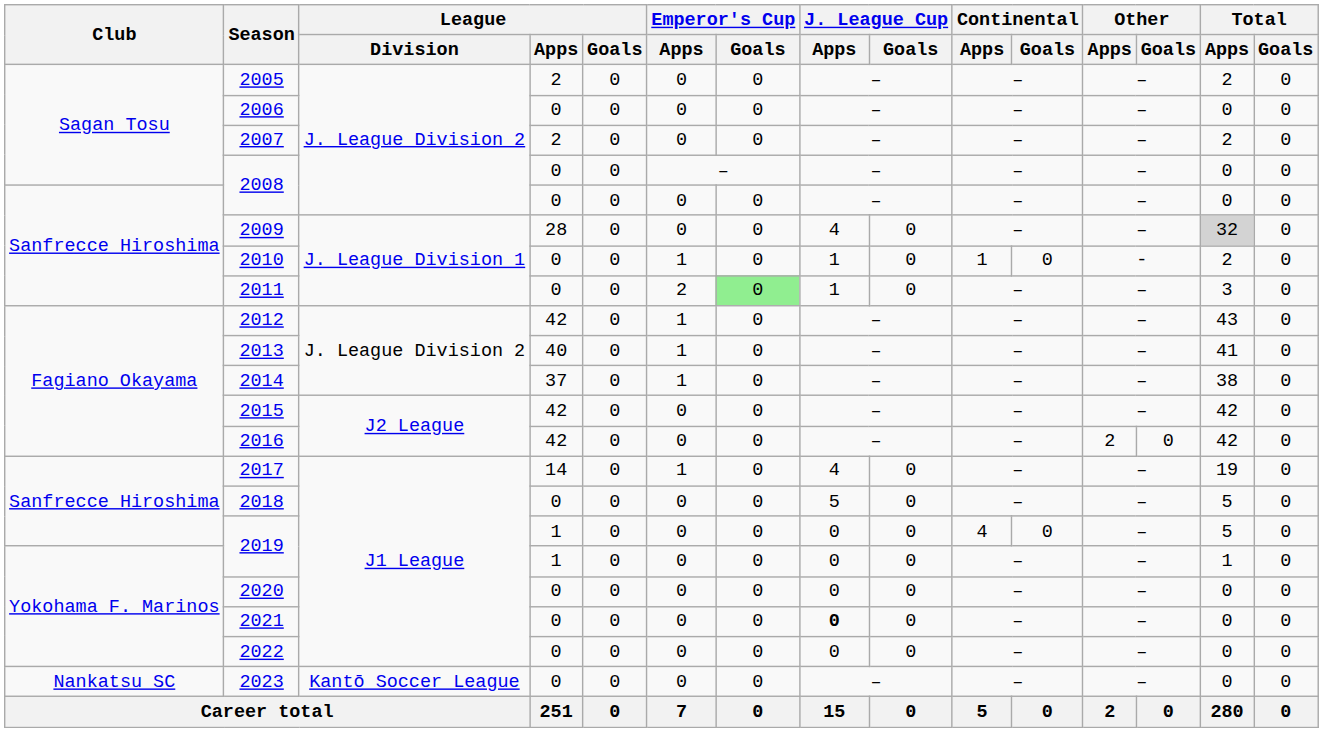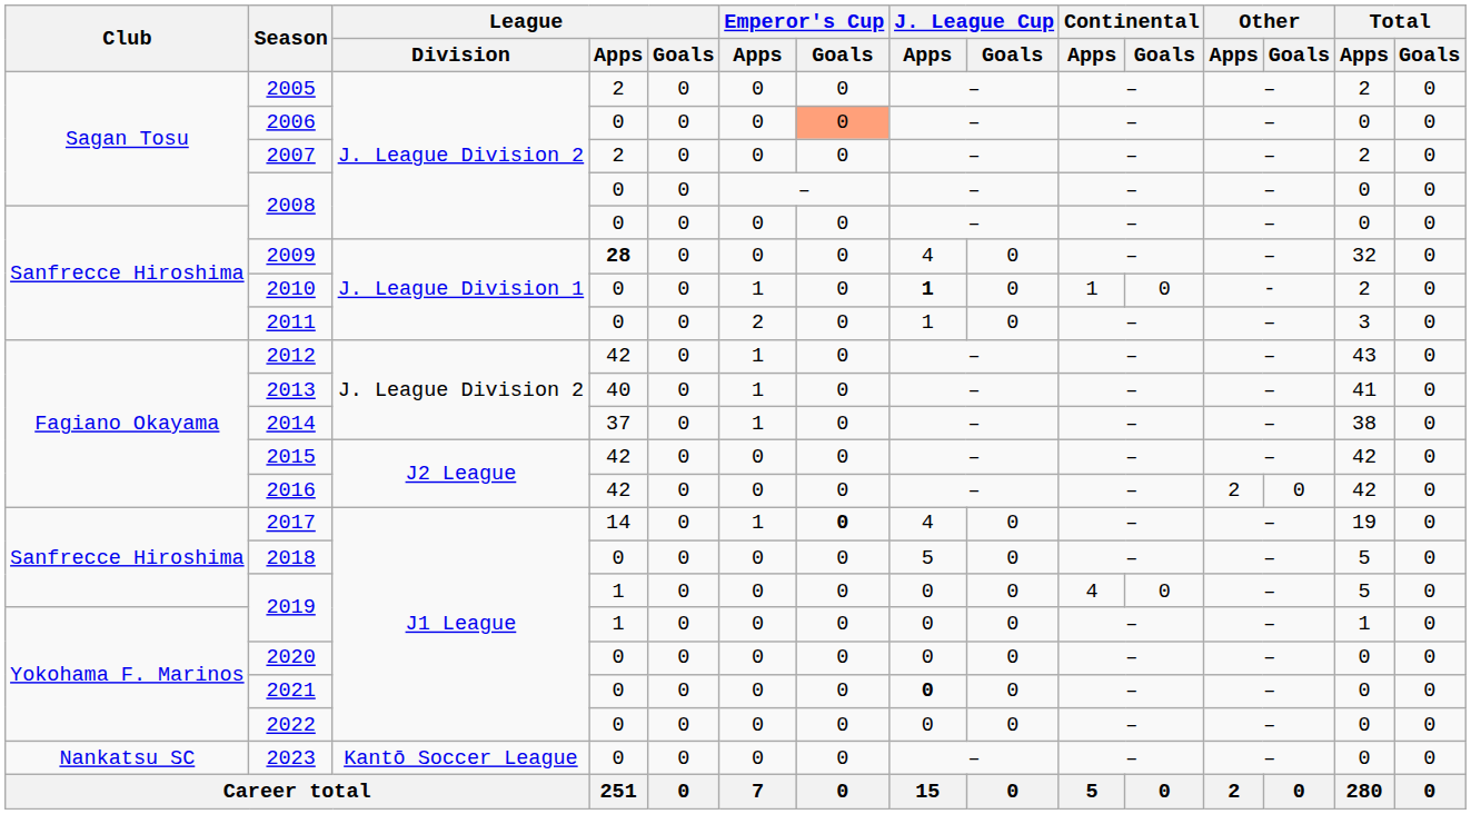 <table class="wikitable" style="text-align:center">
 <tr>
 <th rowspan="2">Club</th>
 <th rowspan="2">Season</th>
 <th colspan="3">League</th>
 <th colspan="2"><a href='#'>Emperor's Cup</a></th>
 <th colspan="2"><a href='#'>J. League Cup</a></th>
 <th colspan="2">Continental</th>
 <th colspan="2">Other</th>
 <th colspan="2">Total</th>
 </tr>
 <tr>
 <th>Division</th>
 <th>Apps</th>
 <th>Goals</th>
 <th>Apps</th>
 <th>Goals</th>
 <th>Apps</th>
 <th>Goals</th>
 <th>Apps</th>
 <th>Goals</th>
 <th>Apps</th>
 <th>Goals</th>
 <th>Apps</th>
 <th>Goals</th>
 </tr>
 <tr>
 <td rowspan="4"><a href='#'>Sagan Tosu</a></td>
 <td><a href='#'>2005</a></td>
 <td rowspan="5"><a href='#'>J. League Division 2</a></td>
 <td>2</td>
 <td>0</td>
 <td>0</td>
 <td>0</td>
 <td colspan="2">–</td>
 <td colspan="2">–</td>
 <td colspan="2">–</td>
 <td>2</td>
 <td>0</td>
 </tr>
 <tr>
 <td><a href='#'>2006</a></td>
 <td>0</td>
 <td>0</td>
 <td>0</td>
-<td>0</td>
+<td style="background: lightsalmon;">0</td>
 <td colspan="2">–</td>
 <td colspan="2">–</td>
 <td colspan="2">–</td>
 <td>0</td>
 <td>0</td>
 </tr>
 <tr>
 <td><a href='#'>2007</a></td>
 <td>2</td>
 <td>0</td>
 <td>0</td>
 <td>0</td>
 <td colspan="2">–</td>
 <td colspan="2">–</td>
 <td colspan="2">–</td>
 <td>2</td>
 <td>0</td>
 </tr>
 <tr>
 <td rowspan="2"><a href='#'>2008</a></td>
 <td>0</td>
 <td>0</td>
 <td colspan="2">–</td>
 <td colspan="2">–</td>
 <td colspan="2">–</td>
 <td colspan="2">–</td>
 <td>0</td>
 <td>0</td>
 </tr>
 <tr>
 <td rowspan="4"><a href='#'>Sanfrecce Hiroshima</a></td>
 <td>0</td>
 <td>0</td>
 <td>0</td>
 <td>0</td>
 <td colspan="2">–</td>
 <td colspan="2">–</td>
 <td colspan="2">–</td>
 <td>0</td>
 <td>0</td>
 </tr>
 <tr>
 <td><a href='#'>2009</a></td>
 <td rowspan="3"><a href='#'>J. League Division 1</a></td>
-<td>28</td>
+<td><strong>28</strong></td>
 <td>0</td>
 <td>0</td>
 <td>0</td>
 <td>4</td>
 <td>0</td>
 <td colspan="2">–</td>
 <td colspan="2">–</td>
-<td style="background: lightgrey;">32</td>
+<td>32</td>
 <td>0</td>
 </tr>
 <tr>
 <td><a href='#'>2010</a></td>
 <td>0</td>
 <td>0</td>
 <td>1</td>
 <td>0</td>
-<td>1</td>
+<td><strong>1</strong></td>
 <td>0</td>
 <td>1</td>
 <td>0</td>
 <td colspan="2">-</td>
 <td>2</td>
 <td>0</td>
 </tr>
 <tr>
 <td><a href='#'>2011</a></td>
 <td>0</td>
 <td>0</td>
 <td>2</td>
-<td style="background: lightgreen;">0</td>
+<td>0</td>
 <td>1</td>
 <td>0</td>
 <td colspan="2">–</td>
 <td colspan="2">–</td>
 <td>3</td>
 <td>0</td>
 </tr>
 <tr>
 <td rowspan="5"><a href='#'>Fagiano Okayama</a></td>
 <td><a href='#'>2012</a></td>
 <td rowspan="3">J. League Division 2</td>
 <td>42</td>
 <td>0</td>
 <td>1</td>
 <td>0</td>
 <td colspan="2">–</td>
 <td colspan="2">–</td>
 <td colspan="2">–</td>
 <td>43</td>
 <td>0</td>
 </tr>
 <tr>
 <td><a href='#'>2013</a></td>
 <td>40</td>
 <td>0</td>
 <td>1</td>
 <td>0</td>
 <td colspan="2">–</td>
 <td colspan="2">–</td>
 <td colspan="2">–</td>
 <td>41</td>
 <td>0</td>
 </tr>
 <tr>
 <td><a href='#'>2014</a></td>
 <td>37</td>
 <td>0</td>
 <td>1</td>
 <td>0</td>
 <td colspan="2">–</td>
 <td colspan="2">–</td>
 <td colspan="2">–</td>
 <td>38</td>
 <td>0</td>
 </tr>
 <tr>
 <td><a href='#'>2015</a></td>
 <td rowspan="2"><a href='#'>J2 League</a></td>
 <td>42</td>
 <td>0</td>
 <td>0</td>
 <td>0</td>
 <td colspan="2">–</td>
 <td colspan="2">–</td>
 <td colspan="2">–</td>
 <td>42</td>
 <td>0</td>
 </tr>
 <tr>
 <td><a href='#'>2016</a></td>
 <td>42</td>
 <td>0</td>
 <td>0</td>
 <td>0</td>
 <td colspan="2">–</td>
 <td colspan="2">–</td>
 <td>2</td>
 <td>0</td>
 <td>42</td>
 <td>0</td>
 </tr>
 <tr>
 <td rowspan="3"><a href='#'>Sanfrecce Hiroshima</a></td>
 <td><a href='#'>2017</a></td>
 <td rowspan="7"><a href='#'>J1 League</a></td>
 <td>14</td>
 <td>0</td>
 <td>1</td>
-<td>0</td>
+<td><strong>0</strong></td>
 <td>4</td>
 <td>0</td>
 <td colspan="2">–</td>
 <td colspan="2">–</td>
 <td>19</td>
 <td>0</td>
 </tr>
 <tr>
 <td><a href='#'>2018</a></td>
 <td>0</td>
 <td>0</td>
 <td>0</td>
 <td>0</td>
 <td>5</td>
 <td>0</td>
 <td colspan="2">–</td>
 <td colspan="2">–</td>
 <td>5</td>
 <td>0</td>
 </tr>
 <tr>
 <td rowspan="2"><a href='#'>2019</a></td>
 <td>1</td>
 <td>0</td>
 <td>0</td>
 <td>0</td>
 <td>0</td>
 <td>0</td>
 <td>4</td>
 <td>0</td>
 <td colspan="2">–</td>
 <td>5</td>
 <td>0</td>
 </tr>
 <tr>
 <td rowspan="4"><a href='#'>Yokohama F. Marinos</a></td>
 <td>1</td>
 <td>0</td>
 <td>0</td>
 <td>0</td>
 <td>0</td>
 <td>0</td>
 <td colspan="2">–</td>
 <td colspan="2">–</td>
 <td>1</td>
 <td>0</td>
 </tr>
 <tr>
 <td><a href='#'>2020</a></td>
 <td>0</td>
 <td>0</td>
 <td>0</td>
 <td>0</td>
 <td>0</td>
 <td>0</td>
 <td colspan="2">–</td>
 <td colspan="2">–</td>
 <td>0</td>
 <td>0</td>
 </tr>
 <tr>
 <td><a href='#'>2021</a></td>
 <td>0</td>
 <td>0</td>
 <td>0</td>
 <td>0</td>
 <td><strong>0</strong></td>
 <td>0</td>
 <td colspan="2">–</td>
 <td colspan="2">–</td>
 <td>0</td>
 <td>0</td>
 </tr>
 <tr>
 <td><a href='#'>2022</a></td>
 <td>0</td>
 <td>0</td>
 <td>0</td>
 <td>0</td>
 <td>0</td>
 <td>0</td>
 <td colspan="2">–</td>
 <td colspan="2">–</td>
 <td>0</td>
 <td>0</td>
 </tr>
 <tr>
 <td><a href='#'>Nankatsu SC</a></td>
 <td><a href='#'>2023</a></td>
 <td><a href='#'>Kantō Soccer League</a></td>
 <td>0</td>
 <td>0</td>
 <td>0</td>
 <td>0</td>
 <td colspan="2">–</td>
 <td colspan="2">–</td>
 <td colspan="2">–</td>
 <td>0</td>
 <td>0</td>
 </tr>
 <tr>
 <th colspan="3">Career total</th>
 <th>251</th>
 <th>0</th>
 <th>7</th>
 <th>0</th>
 <th>15</th>
 <th>0</th>
 <th>5</th>
 <th>0</th>
 <th>2</th>
 <th>0</th>
 <th>280</th>
 <th>0</th>
 </tr>
 </table>
